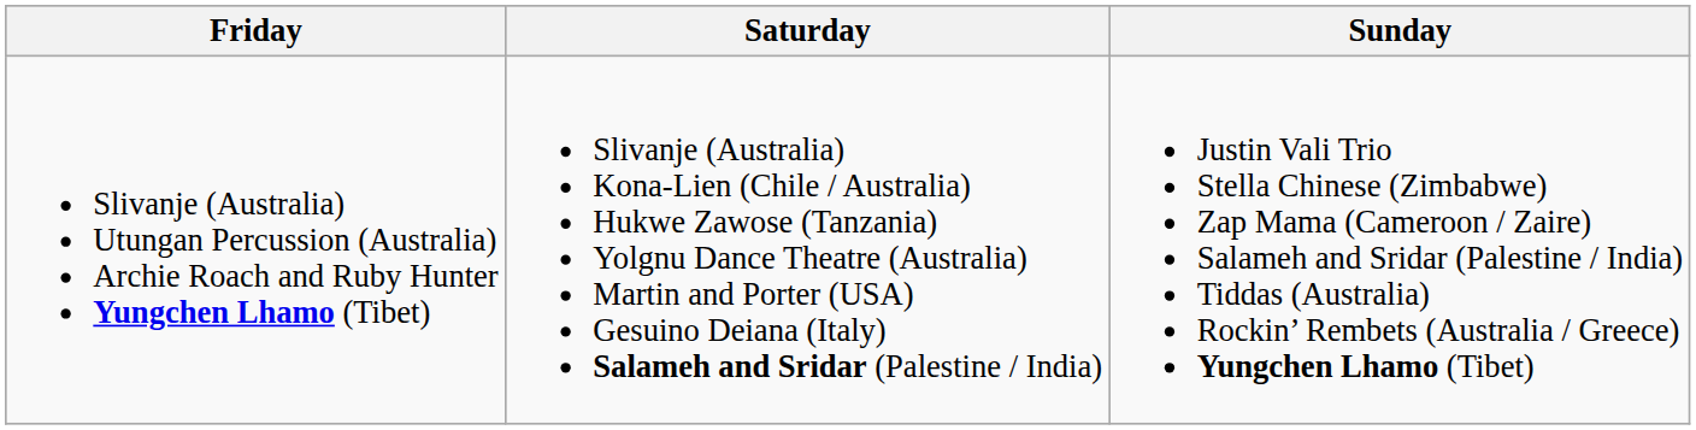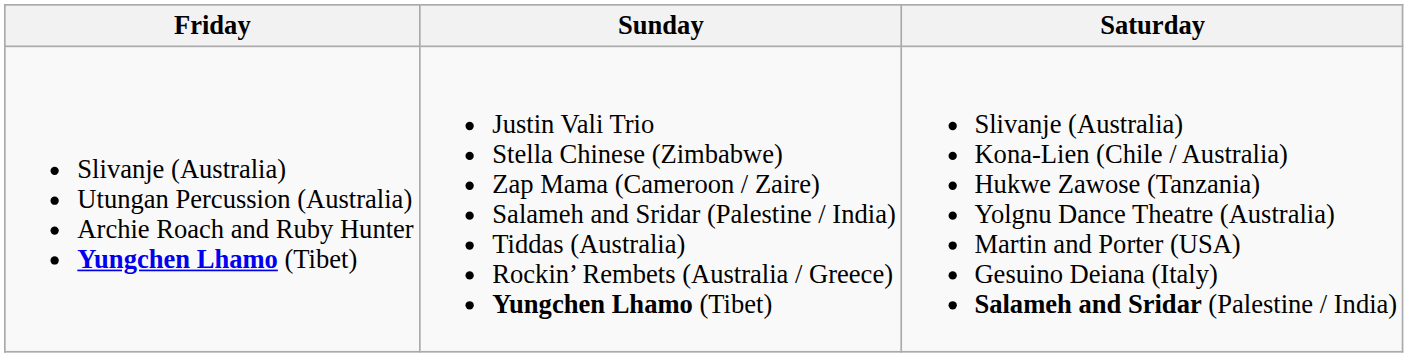 <table class="wikitable">
 <tr>
 <th>Friday</th>
+<th>Sunday</th>
 <th>Saturday</th>
-<th>Sunday</th>
 </tr>
 <tr>
 <td><br><ul><li>Slivanje (Australia)</li><li>Utungan Percussion (Australia)</li><li>Archie Roach and Ruby Hunter</li><li><strong><a href='#'>Yungchen Lhamo</a></strong> (Tibet)</li></ul></td>
+<td><br><ul><li>Justin Vali Trio</li><li>Stella Chinese (Zimbabwe)</li><li>Zap Mama (Cameroon / Zaire)</li><li>Salameh and Sridar (Palestine / India)</li><li>Tiddas (Australia)</li><li>Rockin’ Rembets (Australia / Greece)</li><li><strong>Yungchen Lhamo</strong> (Tibet)</li></ul></td>
 <td><br><ul><li>Slivanje (Australia)</li><li>Kona-Lien (Chile / Australia)</li><li>Hukwe Zawose (Tanzania)</li><li>Yolgnu Dance Theatre (Australia)</li><li>Martin and Porter (USA)</li><li>Gesuino Deiana (Italy)</li><li><strong>Salameh and Sridar</strong> (Palestine / India)</li></ul></td>
-<td><br><ul><li>Justin Vali Trio</li><li>Stella Chinese (Zimbabwe)</li><li>Zap Mama (Cameroon / Zaire)</li><li>Salameh and Sridar (Palestine / India)</li><li>Tiddas (Australia)</li><li>Rockin’ Rembets (Australia / Greece)</li><li><strong>Yungchen Lhamo</strong> (Tibet)</li></ul></td>
 </tr>
 </table>
